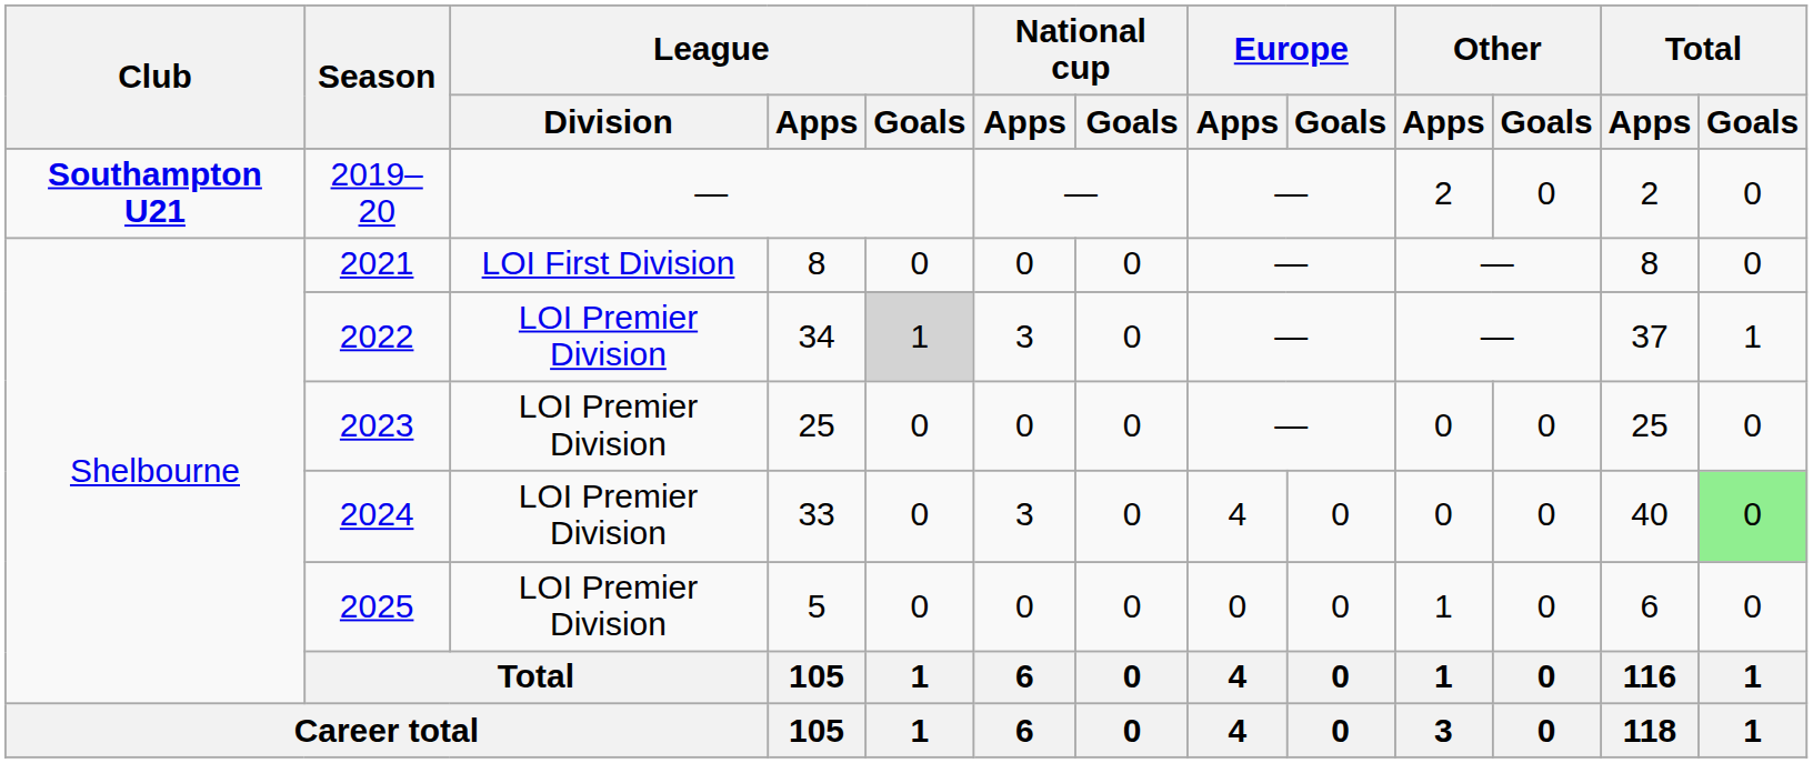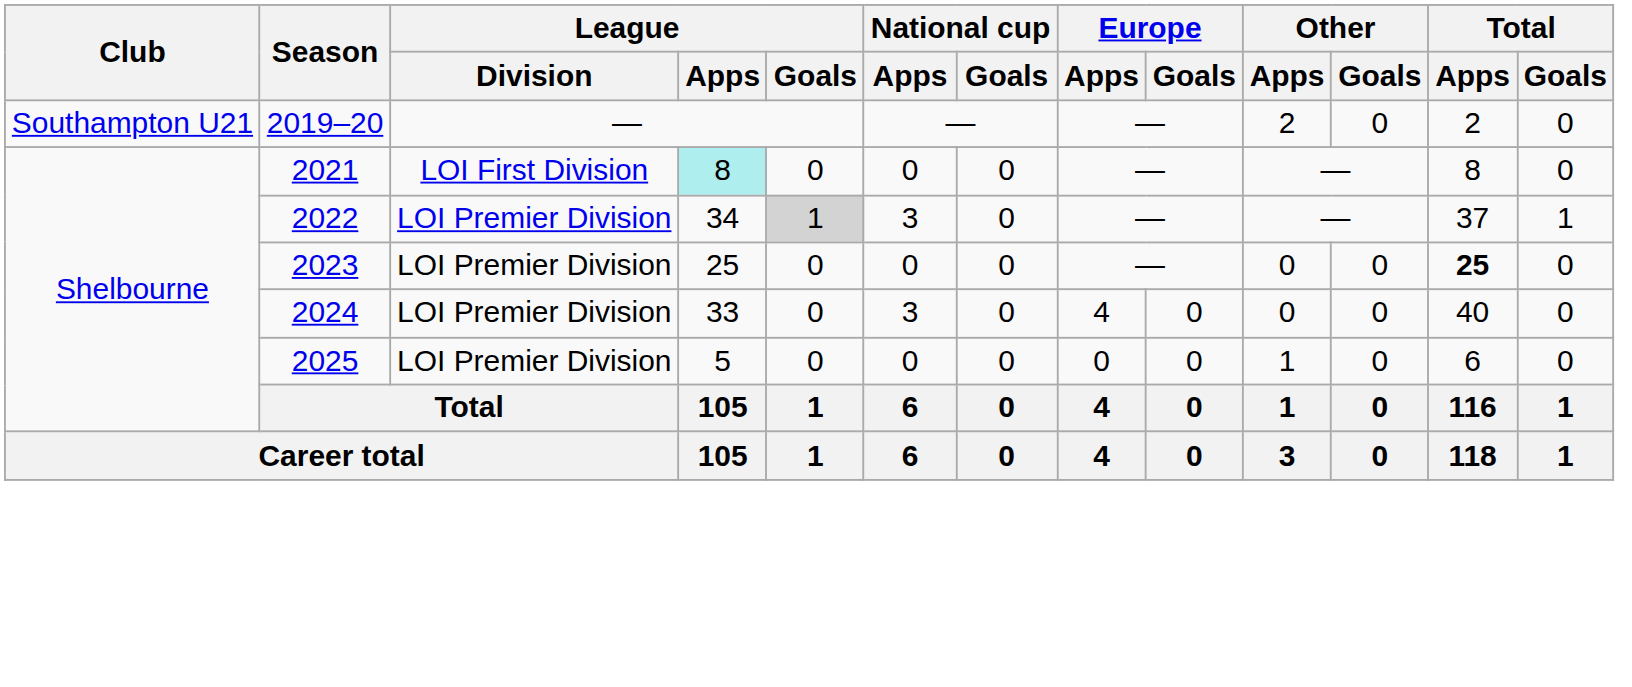 <table class="wikitable" style="text-align: center">
 <tr>
 <th rowspan="2">Club</th>
 <th rowspan="2">Season</th>
 <th colspan="3">League</th>
 <th colspan="2">National cup</th>
 <th colspan="2"><a href='#'>Europe</a></th>
 <th colspan="2">Other</th>
 <th colspan="2">Total</th>
 </tr>
 <tr>
 <th>Division</th>
 <th>Apps</th>
 <th>Goals</th>
 <th>Apps</th>
 <th>Goals</th>
 <th>Apps</th>
 <th>Goals</th>
 <th>Apps</th>
 <th>Goals</th>
 <th>Apps</th>
 <th>Goals</th>
 </tr>
 <tr>
-<td><strong><a href='#'>Southampton U21</a></strong></td>
+<td><a href='#'>Southampton U21</a></td>
 <td><a href='#'>2019–20</a></td>
 <td colspan="3">—</td>
 <td colspan="2">—</td>
 <td colspan="2">—</td>
 <td>2</td>
 <td>0</td>
 <td>2</td>
 <td>0</td>
 </tr>
 <tr>
 <td rowspan="6"><a href='#'>Shelbourne</a></td>
 <td><a href='#'>2021</a></td>
 <td><a href='#'>LOI First Division</a></td>
-<td>8</td>
+<td style="background: paleturquoise;">8</td>
 <td>0</td>
 <td>0</td>
 <td>0</td>
 <td colspan="2">—</td>
 <td colspan="2">—</td>
 <td>8</td>
 <td>0</td>
 </tr>
 <tr>
 <td><a href='#'>2022</a></td>
 <td><a href='#'>LOI Premier Division</a></td>
 <td>34</td>
 <td style="background: lightgrey;">1</td>
 <td>3</td>
 <td>0</td>
 <td colspan="2">—</td>
 <td colspan="2">—</td>
 <td>37</td>
 <td>1</td>
 </tr>
 <tr>
 <td><a href='#'>2023</a></td>
 <td>LOI Premier Division</td>
 <td>25</td>
 <td>0</td>
 <td>0</td>
 <td>0</td>
 <td colspan="2">—</td>
 <td>0</td>
 <td>0</td>
-<td>25</td>
+<td><strong>25</strong></td>
 <td>0</td>
 </tr>
 <tr>
 <td><a href='#'>2024</a></td>
 <td>LOI Premier Division</td>
 <td>33</td>
 <td>0</td>
 <td>3</td>
 <td>0</td>
 <td>4</td>
 <td>0</td>
 <td>0</td>
 <td>0</td>
 <td>40</td>
-<td style="background: lightgreen;">0</td>
+<td>0</td>
 </tr>
 <tr>
 <td><a href='#'>2025</a></td>
 <td>LOI Premier Division</td>
 <td>5</td>
 <td>0</td>
 <td>0</td>
 <td>0</td>
 <td>0</td>
 <td>0</td>
 <td>1</td>
 <td>0</td>
 <td>6</td>
 <td>0</td>
 </tr>
 <tr>
 <th colspan="2">Total</th>
 <th>105</th>
 <th>1</th>
 <th>6</th>
 <th>0</th>
 <th>4</th>
 <th>0</th>
 <th>1</th>
 <th>0</th>
 <th>116</th>
 <th>1</th>
 </tr>
 <tr>
 <th colspan="3">Career total</th>
 <th>105</th>
 <th>1</th>
 <th>6</th>
 <th>0</th>
 <th>4</th>
 <th>0</th>
 <th>3</th>
 <th>0</th>
 <th>118</th>
 <th>1</th>
 </tr>
 </table>
